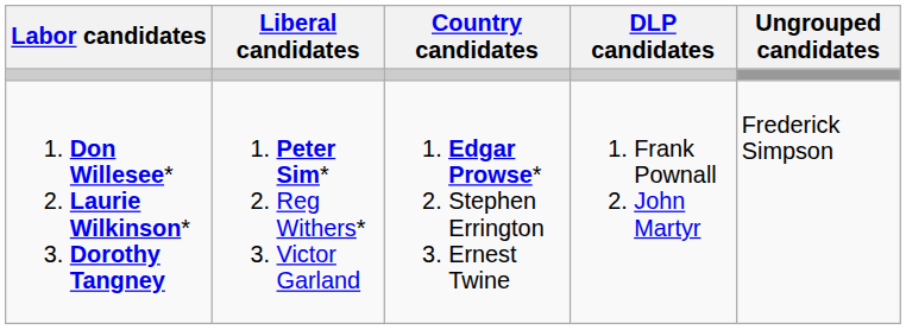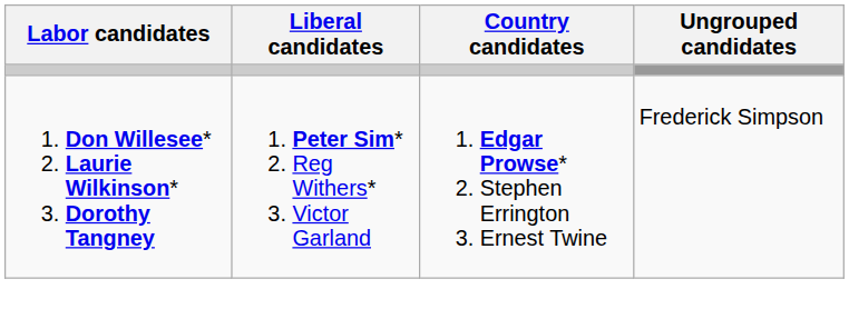 <table class="wikitable">
 <tr>
 <th><a href='#'>Labor</a> candidates</th>
 <th><a href='#'>Liberal</a> candidates</th>
 <th><a href='#'>Country</a> candidates</th>
-<th><a href='#'>DLP</a> candidates</th>
 <th>Ungrouped candidates</th>
 </tr>
 <tr bgcolor="#cccccc">
-<td></td>
 <td></td>
 <td></td>
 <td></td>
 <td bgcolor="#999999"></td>
 </tr>
 <tr>
 <td><br><ol><li><strong><a href='#'>Don Willesee</a></strong>*</li><li><strong><a href='#'>Laurie Wilkinson</a></strong>*</li><li><strong><a href='#'>Dorothy Tangney</a></strong></li></ol></td>
 <td><br><ol><li><strong><a href='#'>Peter Sim</a></strong>*</li><li><a href='#'>Reg Withers</a>*</li><li><a href='#'>Victor Garland</a></li></ol></td>
 <td><br><ol><li><strong><a href='#'>Edgar Prowse</a></strong>*</li><li>Stephen Errington</li><li>Ernest Twine</li></ol></td>
-<td valign=top><br><ol><li>Frank Pownall</li><li><a href='#'>John Martyr</a></li></ol></td>
 <td valign=top><br>Frederick Simpson</td>
 </tr>
 </table>
